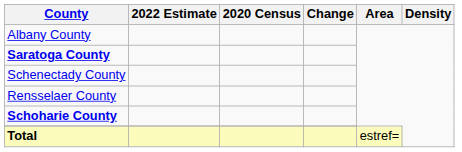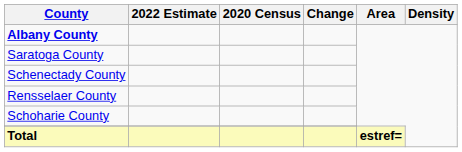 <table class="wikitable sortable">
 <tr>
 <th><a href='#'>County</a></th>
 <th>2022 Estimate</th>
 <th>2020 Census</th>
 <th>Change</th>
 <th>Area</th>
 <th>Density</th>
 </tr>
 <tr>
-<td><a href='#'>Albany County</a></td>
+<td><strong><a href='#'>Albany County</a></strong></td>
 <td></td>
 <td></td>
 <td></td>
 </tr>
 <tr>
-<td><strong><a href='#'>Saratoga County</a></strong></td>
+<td><a href='#'>Saratoga County</a></td>
 <td></td>
 <td></td>
 <td></td>
 </tr>
 <tr>
 <td><a href='#'>Schenectady County</a></td>
 <td></td>
 <td></td>
 <td></td>
 </tr>
 <tr>
 <td><a href='#'>Rensselaer County</a></td>
 <td></td>
 <td></td>
 <td></td>
 </tr>
 <tr>
-<td><strong><a href='#'>Schoharie County</a></strong></td>
+<td><a href='#'>Schoharie County</a></td>
 <td></td>
 <td></td>
 <td></td>
 </tr>
 <tr>
 </tr>
 <tr class=sortbottom style="background:#fbfbbb">
 <td><strong>Total</strong></td>
 <td></td>
 <td></td>
 <td></td>
-<td>estref=</td>
+<td><strong>estref=</strong></td>
 </tr>
 </table>
